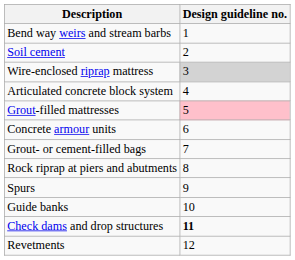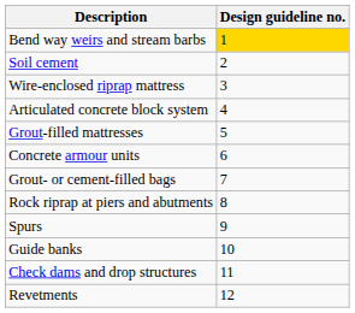 <table class="wikitable">
 <tr>
 <th>Description</th>
 <th>Design guideline no.</th>
 </tr>
 <tr>
 <td>Bend way <a href='#'>weirs</a> and stream barbs</td>
-<td>1</td>
+<td style="background: gold;">1</td>
 </tr>
 <tr>
 <td><a href='#'>Soil cement</a></td>
 <td>2</td>
 </tr>
 <tr>
 <td>Wire-enclosed <a href='#'>riprap</a> mattress</td>
-<td style="background: lightgrey;">3</td>
+<td>3</td>
 </tr>
 <tr>
 <td>Articulated concrete block system</td>
 <td>4</td>
 </tr>
 <tr>
 <td><a href='#'>Grout</a>-filled mattresses</td>
-<td style="background: pink;">5</td>
+<td>5</td>
 </tr>
 <tr>
 <td>Concrete <a href='#'>armour</a> units</td>
 <td>6</td>
 </tr>
 <tr>
 <td>Grout- or cement-filled bags</td>
 <td>7</td>
 </tr>
 <tr>
 <td>Rock riprap at piers and abutments</td>
 <td>8</td>
 </tr>
 <tr>
 <td>Spurs</td>
 <td>9</td>
 </tr>
 <tr>
 <td>Guide banks</td>
 <td>10</td>
 </tr>
 <tr>
 <td><a href='#'>Check dams</a> and drop structures</td>
-<td><strong>11</strong></td>
+<td>11</td>
 </tr>
 <tr>
 <td>Revetments</td>
 <td>12</td>
 </tr>
 </table>
